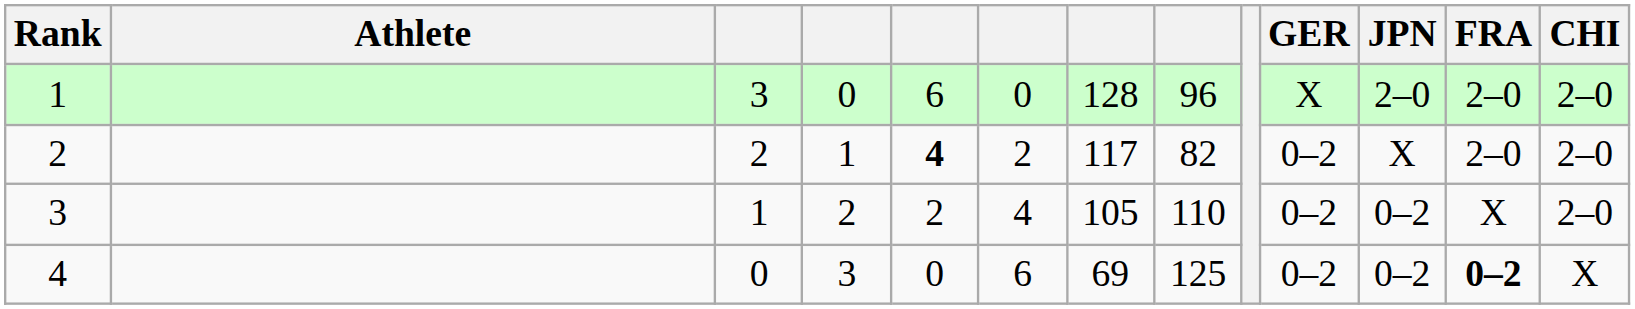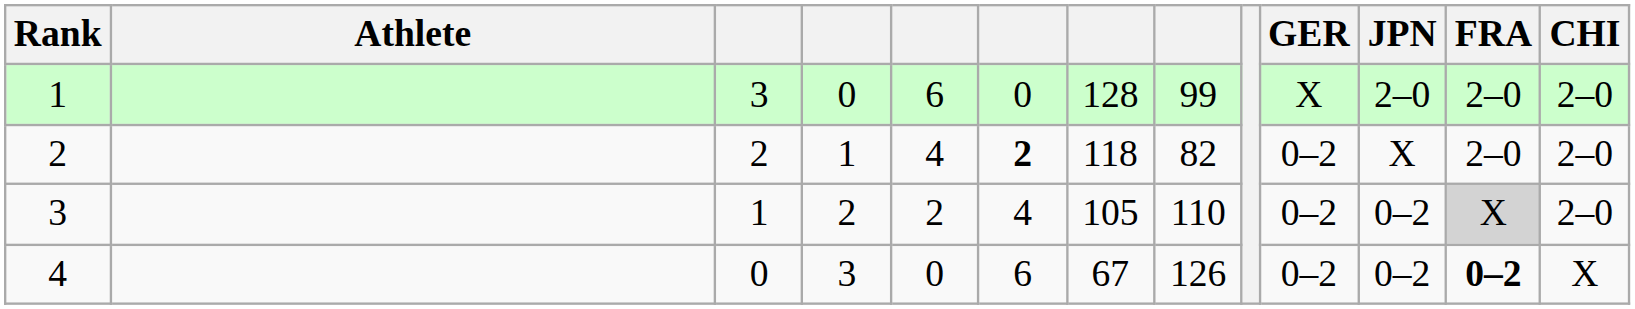 <table class="wikitable" style="text-align:center">
 <tr>
 <th>Rank</th>
 <th width=250>Athlete</th>
 <th width=30></th>
 <th width=30></th>
 <th width=30></th>
 <th width=30></th>
 <th width=30></th>
 <th width=30></th>
 <th rowspan=5></th>
 <th width=30>GER</th>
 <th width=30>JPN</th>
 <th width=30>FRA</th>
 <th width=30>CHI</th>
 </tr>
 <tr style="background-color:#ccffcc;">
 <td>1</td>
 <td align=left></td>
 <td>3</td>
 <td>0</td>
 <td>6</td>
 <td>0</td>
 <td>128</td>
-<td>96</td>
+<td>99</td>
 <td>X</td>
 <td>2–0</td>
 <td>2–0</td>
 <td>2–0</td>
 </tr>
 <tr>
 <td>2</td>
 <td align=left></td>
 <td>2</td>
 <td>1</td>
-<td><strong>4</strong></td>
-<td>2</td>
-<td>117</td>
+<td>4</td>
+<td><strong>2</strong></td>
+<td>118</td>
 <td>82</td>
 <td>0–2</td>
 <td>X</td>
 <td>2–0</td>
 <td>2–0</td>
 </tr>
 <tr>
 <td>3</td>
 <td align=left></td>
 <td>1</td>
 <td>2</td>
 <td>2</td>
 <td>4</td>
 <td>105</td>
 <td>110</td>
 <td>0–2</td>
 <td>0–2</td>
-<td>X</td>
+<td style="background: lightgrey;">X</td>
 <td>2–0</td>
 </tr>
 <tr>
 <td>4</td>
 <td align=left></td>
 <td>0</td>
 <td>3</td>
 <td>0</td>
 <td>6</td>
-<td>69</td>
-<td>125</td>
+<td>67</td>
+<td>126</td>
 <td>0–2</td>
 <td>0–2</td>
 <td><strong>0–2</strong></td>
 <td>X</td>
 </tr>
 </table>
